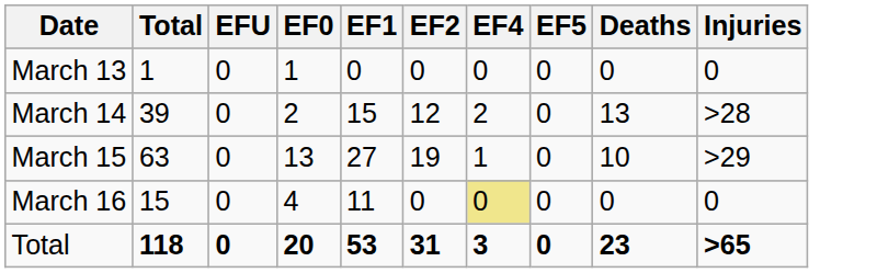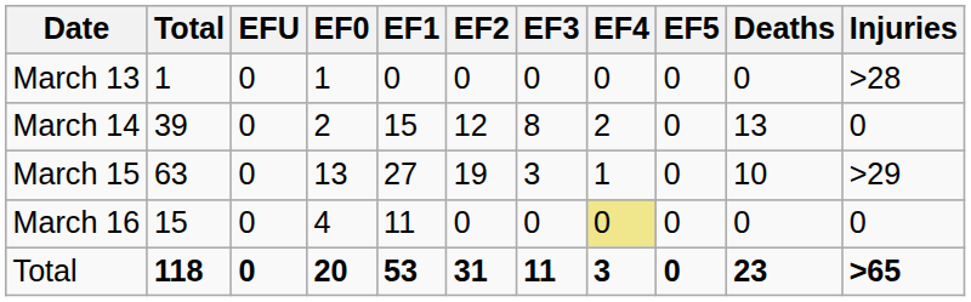 <table class="wikitable sortable defaultright">
 <tr>
 <th scope="col">Date</th>
 <th scope="col">Total</th>
 <th scope="col">EFU</th>
 <th scope="col">EF0</th>
 <th scope="col">EF1</th>
 <th scope="col">EF2</th>
+<th scope="col">EF3</th>
 <th scope="col">EF4</th>
 <th scope="col">EF5</th>
 <th scope="col">Deaths</th>
 <th scope="col">Injuries</th>
 </tr>
 <tr>
 <td>March 13</td>
 <td>1</td>
 <td>0</td>
 <td>1</td>
 <td>0</td>
 <td>0</td>
 <td>0</td>
 <td>0</td>
 <td>0</td>
 <td>0</td>
+<td>>28</td>
 </tr>
 <tr>
 <td>March 14</td>
 <td>39</td>
 <td>0</td>
 <td>2</td>
 <td>15</td>
 <td>12</td>
+<td>8</td>
 <td>2</td>
 <td>0</td>
 <td>13</td>
-<td>>28</td>
+<td>0</td>
 </tr>
 <tr>
 <td>March 15</td>
 <td>63</td>
 <td>0</td>
 <td>13</td>
 <td>27</td>
 <td>19</td>
+<td>3</td>
 <td>1</td>
 <td>0</td>
 <td>10</td>
 <td>>29</td>
 </tr>
 <tr>
 <td>March 16</td>
 <td>15</td>
 <td>0</td>
 <td>4</td>
 <td>11</td>
+<td>0</td>
 <td>0</td>
 <td style="background: khaki;">0</td>
 <td>0</td>
 <td>0</td>
 <td>0</td>
 </tr>
 <tr>
 <td>Total</td>
 <td><strong>118</strong></td>
 <td><strong>0</strong></td>
 <td><strong>20</strong></td>
 <td><strong>53</strong></td>
 <td><strong>31</strong></td>
+<td><strong>11</strong></td>
 <td><strong>3</strong></td>
 <td><strong>0</strong></td>
 <td><strong>23</strong></td>
 <td><strong>>65</strong></td>
 </tr>
 </table>
